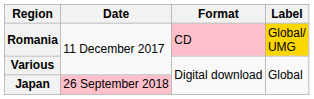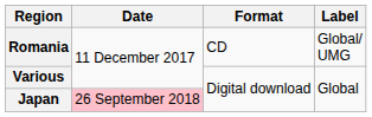 <table class="wikitable plainrowheaders">
 <tr>
 <th>Region</th>
 <th>Date</th>
 <th>Format</th>
 <th>Label</th>
 </tr>
 <tr>
 <th scope="row">Romania</th>
 <td rowspan="2">11 December 2017</td>
-<td style="background: pink;">CD</td>
-<td style="background: gold;">Global/<br>UMG</td>
+<td>CD</td>
+<td>Global/<br>UMG</td>
 </tr>
 <tr>
 <th scope="row">Various</th>
 <td rowspan="2">Digital download</td>
 <td rowspan="2">Global</td>
 </tr>
 <tr>
 <th scope="row">Japan</th>
 <td style="background: pink;">26 September 2018</td>
 </tr>
 </table>
